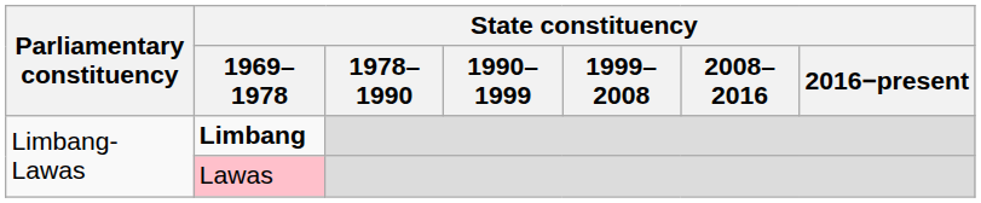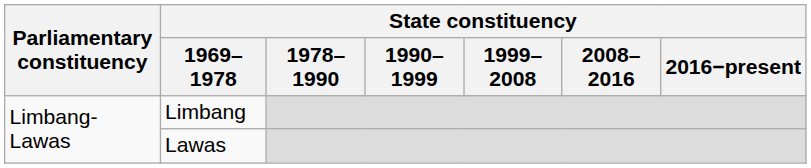 <table class="wikitable">
 <tr>
 <th rowspan="2">Parliamentary<br>constituency</th>
 <th colspan="6">State constituency</th>
 </tr>
 <tr>
 <th>1969–1978</th>
 <th>1978–1990</th>
 <th>1990–1999</th>
 <th>1999–2008</th>
 <th>2008–2016</th>
 <th>2016−present</th>
 </tr>
 <tr>
 <td rowspan="2">Limbang-Lawas</td>
-<td><strong>Limbang</strong></td>
+<td>Limbang</td>
 <td colspan="5" bgcolor="dcdcdc"></td>
 </tr>
 <tr>
-<td style="background: pink;">Lawas</td>
+<td>Lawas</td>
 <td colspan="5" bgcolor="dcdcdc"></td>
 </tr>
 </table>
